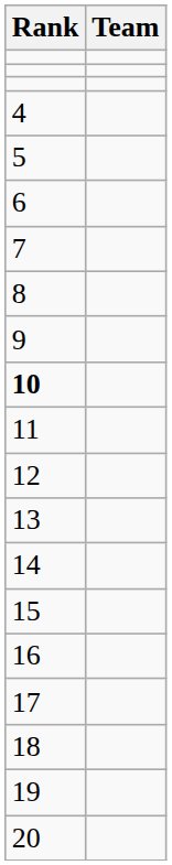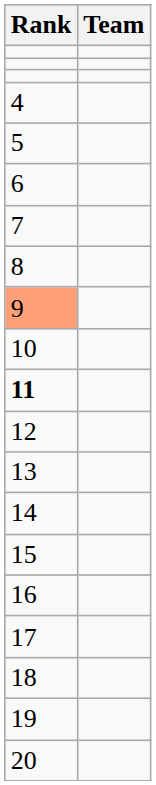 <table class="wikitable">
 <tr>
 <th>Rank</th>
 <th>Team</th>
 </tr>
 <tr>
 <td></td>
 <td align=left></td>
 </tr>
 <tr>
 <td></td>
 <td align=left></td>
 </tr>
 <tr>
 <td></td>
 <td align=left></td>
 </tr>
 <tr>
 <td>4</td>
 <td align=left></td>
 </tr>
 <tr>
 <td>5</td>
 <td align=left></td>
 </tr>
 <tr>
 <td>6</td>
 <td align=left></td>
 </tr>
 <tr>
 <td>7</td>
 <td align=left></td>
 </tr>
 <tr>
 <td>8</td>
 <td align=left></td>
 </tr>
 <tr>
-<td>9</td>
+<td style="background: lightsalmon;">9</td>
 <td align=left></td>
 </tr>
 <tr>
-<td><strong>10</strong></td>
+<td>10</td>
 <td align=left></td>
 </tr>
 <tr>
-<td>11</td>
+<td><strong>11</strong></td>
 <td align=left></td>
 </tr>
 <tr>
 <td>12</td>
 <td align=left></td>
 </tr>
 <tr>
 <td>13</td>
 <td align=left></td>
 </tr>
 <tr>
 <td>14</td>
 <td align=left></td>
 </tr>
 <tr>
 <td>15</td>
 <td align=left></td>
 </tr>
 <tr>
 <td>16</td>
 <td align=left></td>
 </tr>
 <tr>
 <td>17</td>
 <td align=left></td>
 </tr>
 <tr>
 <td>18</td>
 <td align=left></td>
 </tr>
 <tr>
 <td>19</td>
 <td align=left></td>
 </tr>
 <tr>
 <td>20</td>
 <td align=left></td>
 </tr>
 </table>
